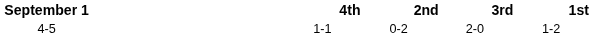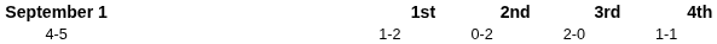 <table width=60% cellspacing=1>
 <tr>
 <th width=20%></th>
 <th width=16%>September 1</th>
 <th width=20%></th>
-<th width=8%>4th</th>
+<th width=8%>1st</th>
 <th width=8%>2nd</th>
 <th width=8%>3rd</th>
-<th width=8%>1st</th>
+<th width=8%>4th</th>
 </tr>
 <tr style=font-size:90%>
 <td align=right></td>
 <td align=center>4-5</td>
 <td></td>
-<td>1-1</td>
+<td>1-2</td>
 <td>0-2</td>
 <td>2-0</td>
-<td>1-2</td>
+<td>1-1</td>
 </tr>
 </table>
